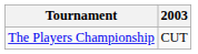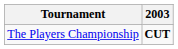 <table class="wikitable" style="font-size:95%;text-align:center;">
 <tr>
 <th>Tournament</th>
 <th>2003</th>
 </tr>
 <tr>
 <td align=left><a href='#'>The Players Championship</a></td>
-<td>CUT</td>
+<td><strong>CUT</strong></td>
 </tr>
 </table>
